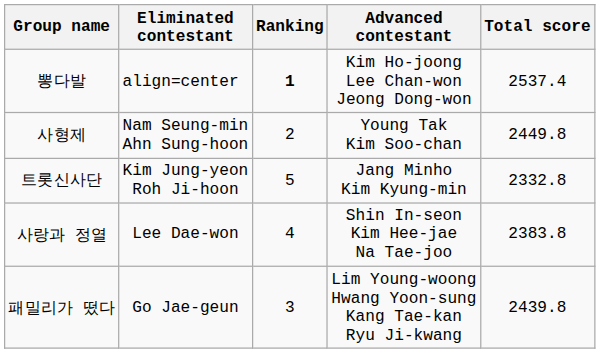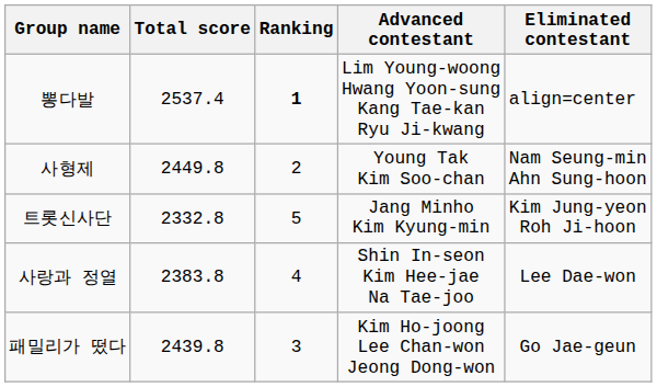 <table class="wikitable sortable">
 <tr>
 <th>Group name</th>
-<th>Eliminated<br>contestant</th>
+<th>Total score</th>
 <th>Ranking</th>
 <th>Advanced<br>contestant</th>
-<th>Total score</th>
+<th>Eliminated<br>contestant</th>
 </tr>
 <tr>
 <td align=center>뽕다발</td>
+<td align=center>2537.4</td>
+<td align=center><strong>1</strong></td>
+<td align=center>Lim Young-woong<br>Hwang Yoon-sung<br>Kang Tae-kan<br>Ryu Ji-kwang</td>
 <td>align=center </td>
-<td align=center><strong>1</strong></td>
-<td align=center>Kim Ho-joong<br>Lee Chan-won<br>Jeong Dong-won</td>
-<td align=center>2537.4</td>
 </tr>
 <tr>
 <td align=center>사형제</td>
-<td align=center>Nam Seung-min<br>Ahn Sung-hoon</td>
+<td align=center>2449.8</td>
 <td align=center>2</td>
 <td align=center>Young Tak<br>Kim Soo-chan</td>
-<td align=center>2449.8</td>
+<td align=center>Nam Seung-min<br>Ahn Sung-hoon</td>
 </tr>
 <tr>
 <td align=center>트롯신사단</td>
-<td align=center>Kim Jung-yeon<br>Roh Ji-hoon</td>
+<td align=center>2332.8</td>
 <td align=center>5</td>
 <td align=center>Jang Minho<br>Kim Kyung-min</td>
-<td align=center>2332.8</td>
+<td align=center>Kim Jung-yeon<br>Roh Ji-hoon</td>
 </tr>
 <tr>
 <td align=center>사랑과 정열</td>
-<td align=center>Lee Dae-won</td>
+<td align=center>2383.8</td>
 <td align=center>4</td>
 <td align=center>Shin In-seon<br>Kim Hee-jae<br>Na Tae-joo</td>
-<td align=center>2383.8</td>
+<td align=center>Lee Dae-won</td>
 </tr>
 <tr>
 <td align=center>패밀리가 떴다</td>
+<td align=center>2439.8</td>
+<td align=center>3</td>
+<td align=center>Kim Ho-joong<br>Lee Chan-won<br>Jeong Dong-won</td>
 <td align=center>Go Jae-geun</td>
-<td align=center>3</td>
-<td align=center>Lim Young-woong<br>Hwang Yoon-sung<br>Kang Tae-kan<br>Ryu Ji-kwang</td>
-<td align=center>2439.8</td>
 </tr>
 </table>
